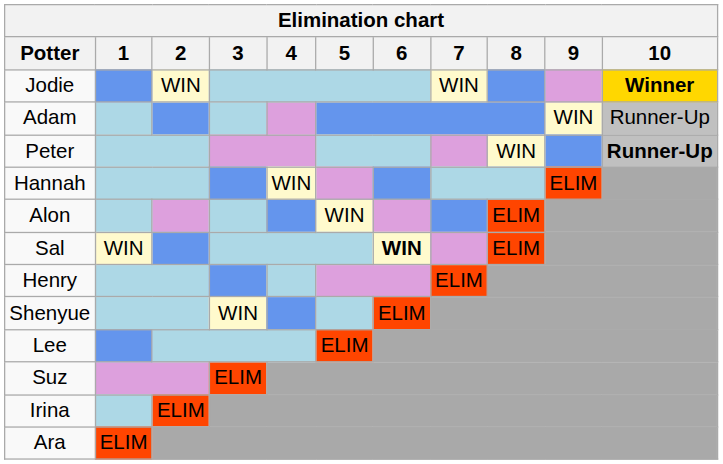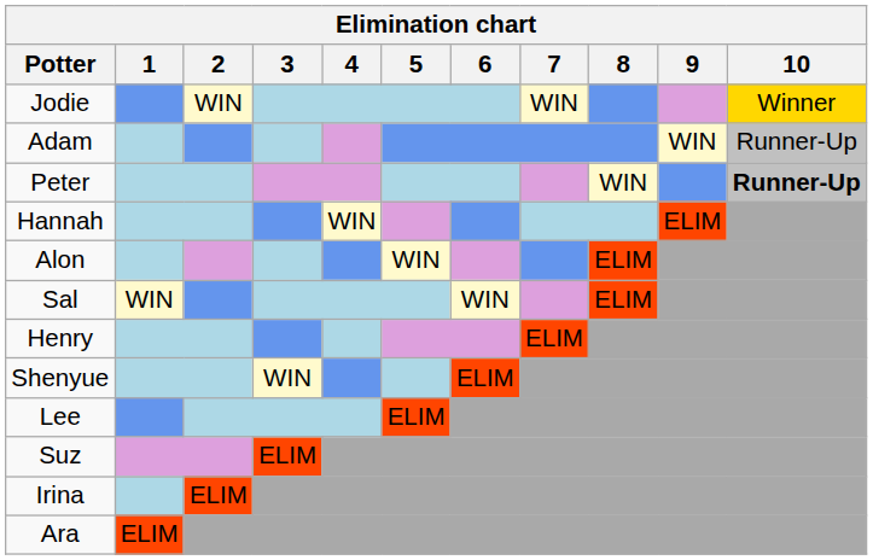 <table class="wikitable" style="text-align:center">
 <tr>
 <th colspan="11">Elimination chart</th>
 </tr>
 <tr>
 <th>Potter</th>
 <th>1</th>
 <th>2</th>
 <th>3</th>
 <th>4</th>
 <th>5</th>
 <th>6</th>
 <th>7</th>
 <th>8</th>
 <th>9</th>
 <th>10</th>
 </tr>
 <tr>
 <td>Jodie</td>
 <td style="background:Cornflowerblue;"></td>
 <td style="background:LemonChiffon;">WIN</td>
 <td colspan="4" style="background:Lightblue;"></td>
 <td style="background:LemonChiffon;">WIN</td>
 <td style="background:Cornflowerblue;"></td>
 <td style="background:Plum;"></td>
-<td style="background:gold;"><strong>Winner</strong></td>
+<td style="background:gold;">Winner</td>
 </tr>
 <tr>
 <td>Adam</td>
 <td style="background:Lightblue;"></td>
 <td style="background:Cornflowerblue;"></td>
 <td style="background:Lightblue;"></td>
 <td style="background:Plum;"></td>
 <td colspan="4" style="background:Cornflowerblue;"></td>
 <td style="background:LemonChiffon;">WIN</td>
 <td style="background:silver;">Runner-Up</td>
 </tr>
 <tr>
 <td>Peter</td>
 <td colspan="2"  style="background:Lightblue;"></td>
 <td colspan="2"  style="background:Plum;"></td>
 <td colspan="2"  style="background:Lightblue;"></td>
 <td style="background:Plum;"></td>
 <td style="background:LemonChiffon;">WIN</td>
 <td style="background:Cornflowerblue;"></td>
 <td style="background:silver;"><strong>Runner-Up</strong></td>
 </tr>
 <tr>
 <td>Hannah</td>
 <td colspan="2"  style="background:Lightblue;"></td>
 <td style="background:Cornflowerblue;"></td>
 <td style="background:LemonChiffon;">WIN</td>
 <td style="background:Plum;"></td>
 <td style="background:Cornflowerblue;"></td>
 <td colspan="2" style="background:Lightblue;"></td>
 <td style="background:OrangeRed;">ELIM</td>
 <td colspan="9" style="background:darkgrey;"></td>
 </tr>
 <tr>
 <td>Alon</td>
 <td style="background:Lightblue;"></td>
 <td style="background:Plum;"></td>
 <td style="background:Lightblue;"></td>
 <td style="background:Cornflowerblue;"></td>
 <td style="background:LemonChiffon;">WIN</td>
 <td style="background:Plum;"></td>
 <td style="background:Cornflowerblue;"></td>
 <td style="background:OrangeRed;">ELIM</td>
 <td colspan="9" style="background:darkgrey;"></td>
 </tr>
 <tr>
 <td>Sal</td>
 <td style="background:LemonChiffon;">WIN</td>
 <td style="background:Cornflowerblue;"></td>
 <td colspan="3" style="background:Lightblue;"></td>
-<td style="background:LemonChiffon;"><strong>WIN</strong></td>
+<td style="background:LemonChiffon;">WIN</td>
 <td style="background:Plum;"></td>
 <td style="background:OrangeRed;">ELIM</td>
 <td colspan="9" style="background:darkgrey;"></td>
 </tr>
 <tr>
 <td>Henry</td>
 <td colspan="2"  style="background:Lightblue;"></td>
 <td style="background:Cornflowerblue;"></td>
 <td style="background:Lightblue;"></td>
 <td colspan="2" style="background:Plum;"></td>
 <td style="background:OrangeRed;">ELIM</td>
 <td colspan="9" style="background:darkgrey;"></td>
 </tr>
 <tr>
 <td>Shenyue</td>
 <td colspan="2" style="background:Lightblue;"></td>
 <td style="background:LemonChiffon;">WIN</td>
 <td style="background:Cornflowerblue;"></td>
 <td style="background:Lightblue;"></td>
 <td style="background:OrangeRed;">ELIM</td>
 <td colspan="9" style="background:darkgrey;"></td>
 </tr>
 <tr>
 <td>Lee</td>
 <td style="background:Cornflowerblue;"></td>
 <td colspan="3" style="background:Lightblue;"></td>
 <td style="background:OrangeRed;">ELIM</td>
 <td colspan="9" style="background:darkgrey;"></td>
 </tr>
 <tr>
 <td>Suz</td>
 <td colspan="2" style="background:Plum;"></td>
 <td style="background:OrangeRed;">ELIM</td>
 <td colspan="9" style="background:darkgrey;"></td>
 </tr>
 <tr>
 <td>Irina</td>
 <td style="background:Lightblue;"></td>
 <td style="background:OrangeRed;">ELIM</td>
 <td colspan="9" style="background:darkgrey;"></td>
 </tr>
 <tr>
 <td>Ara</td>
 <td style="background:OrangeRed;">ELIM</td>
 <td colspan="9" style="background:darkgrey;"></td>
 </tr>
 </table>
